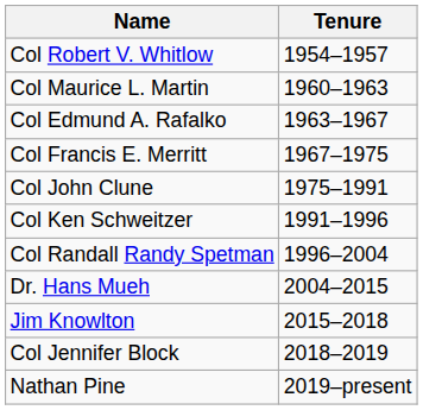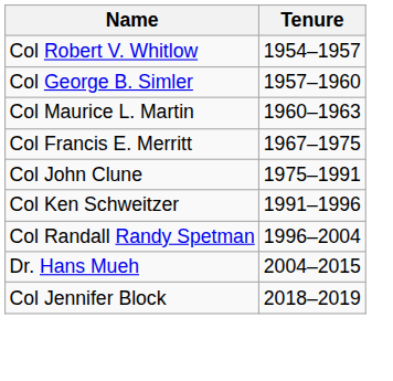 <table class="wikitable"; style= "text-align: ">
 <tr>
 <th width=px>Name</th>
 <th width=px>Tenure</th>
 </tr>
 <tr>
 <td>Col <a href='#'>Robert V. Whitlow</a></td>
 <td>1954–1957</td>
 </tr>
 <tr>
+<td>Col <a href='#'>George B. Simler</a></td>
+<td>1957–1960</td>
+</tr>
+<tr>
 <td>Col Maurice L. Martin</td>
 <td>1960–1963</td>
-</tr>
-<tr>
-<td>Col Edmund A. Rafalko</td>
-<td>1963–1967</td>
 </tr>
 <tr>
 <td>Col Francis E. Merritt</td>
 <td>1967–1975</td>
 </tr>
 <tr>
 <td>Col John Clune</td>
 <td>1975–1991</td>
 </tr>
 <tr>
 <td>Col Ken Schweitzer</td>
 <td>1991–1996</td>
 </tr>
 <tr>
 <td>Col Randall <a href='#'>Randy Spetman</a></td>
 <td>1996–2004</td>
 </tr>
 <tr>
 <td>Dr. <a href='#'>Hans Mueh</a></td>
 <td>2004–2015</td>
 </tr>
 <tr>
-<td><a href='#'>Jim Knowlton</a></td>
-<td>2015–2018</td>
-</tr>
-<tr>
 <td>Col Jennifer Block</td>
 <td>2018–2019</td>
 </tr>
-<tr>
-<td>Nathan Pine</td>
-<td>2019–present</td>
-</tr>
 </table>
